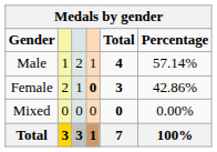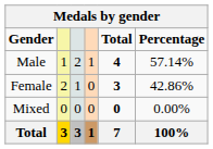 <table class="wikitable" style="font-size:85%; float:right; text-align:center">
 <tr style="background:#efefef;">
 <th colspan=6><strong>Medals by gender</strong></th>
 </tr>
 <tr align=center>
 <td><strong>Gender</strong></td>
 <td style="background:#f7f6a8;"></td>
 <td style="background:#dce5e5;"></td>
 <td style="background:#ffdab9;"></td>
 <td><strong>Total</strong></td>
 <td><strong>Percentage</strong></td>
 </tr>
 <tr align=center>
 <td>Male</td>
 <td style="background:#F7F6A8;">1</td>
 <td style="background:#DCE5E5;">2</td>
 <td style="background:#FFDAB9;">1</td>
 <td><strong>4</strong></td>
 <td>57.14%</td>
 </tr>
 <tr align=center>
 <td>Female</td>
 <td style="background:#F7F6A8;">2</td>
 <td style="background:#DCE5E5;">1</td>
-<td style="background:#FFDAB9;"><strong>0</strong></td>
+<td style="background:#FFDAB9;">0</td>
 <td><strong>3</strong></td>
 <td>42.86%</td>
 </tr>
 <tr align=center>
 <td>Mixed</td>
 <td style="background:#F7F6A8;">0</td>
 <td style="background:#DCE5E5;">0</td>
 <td style="background:#FFDAB9;">0</td>
 <td><strong>0</strong></td>
 <td>0.00%</td>
 </tr>
 <tr align=center>
 <th><strong>Total</strong></th>
 <th style="background:gold;"><strong>3</strong></th>
 <th style="background:silver;"><strong>3</strong></th>
 <th style="background:#c96;"><strong>1</strong></th>
 <th><strong>7</strong></th>
 <th><strong>100%</strong></th>
 </tr>
 </table>
